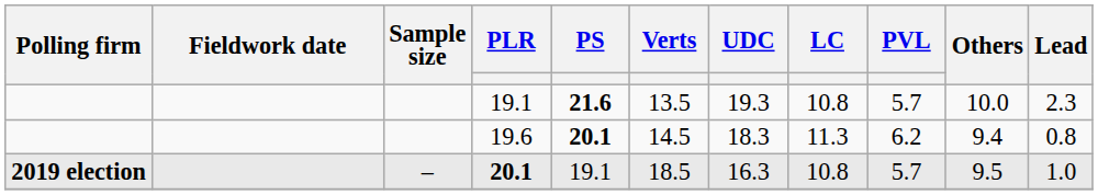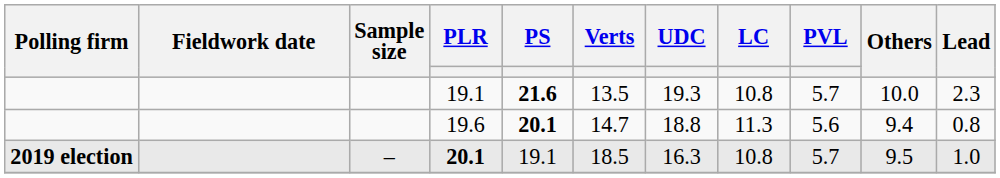 <table class="wikitable sortable" style="text-align:center;font-size:90%;line-height:14px;">
 <tr style="height:40px;">
 <th style="width:80px;" rowspan="2">Polling firm</th>
 <th style="width:130px;" rowspan="2">Fieldwork date</th>
 <th style="width:35px;" rowspan="2">Sample<br>size</th>
 <th class="unsortable" style="width:40px;"><a href='#'>PLR</a></th>
 <th class="unsortable" style="width:40px;"><a href='#'>PS</a></th>
 <th class="unsortable" style="width:40px;"><a href='#'>Verts</a></th>
 <th class="unsortable" style="width:40px;"><a href='#'>UDC</a></th>
 <th class="unsortable" style="width:40px;"><a href='#'>LC</a></th>
 <th class="unsortable" style="width:40px;"><a href='#'>PVL</a></th>
 <th class="unsortable" style="width:30px;" rowspan="2">Others</th>
 <th style="width:30px;" rowspan="2">Lead</th>
 </tr>
 <tr>
 <th style="background:"></th>
 <th style="background:"></th>
 <th style="background:"></th>
 <th style="background:"></th>
 <th style="background:"></th>
 <th style="background:"></th>
 </tr>
 <tr>
 <td></td>
 <td></td>
 <td></td>
 <td>19.1</td>
 <td style="background:#"><strong>21.6</strong></td>
 <td>13.5</td>
 <td>19.3</td>
 <td>10.8</td>
 <td>5.7</td>
 <td>10.0</td>
 <td style="background:">2.3</td>
 </tr>
 <tr>
 <td></td>
 <td></td>
 <td></td>
 <td>19.6</td>
 <td style="background:#"><strong>20.1</strong></td>
-<td>14.5</td>
-<td>18.3</td>
+<td>14.7</td>
+<td>18.8</td>
 <td>11.3</td>
-<td>6.2</td>
+<td>5.6</td>
 <td>9.4</td>
 <td style="background:">0.8</td>
 </tr>
 <tr style="background:#E9E9E9;">
 <td><strong>2019 election</strong></td>
 <td></td>
 <td>–</td>
 <td style="background:#"><strong>20.1</strong></td>
 <td>19.1</td>
 <td>18.5</td>
 <td>16.3</td>
 <td>10.8</td>
 <td>5.7</td>
 <td>9.5</td>
 <td style="background:">1.0</td>
 </tr>
 <tr>
 </tr>
 </table>
